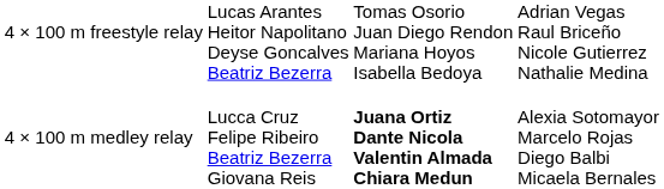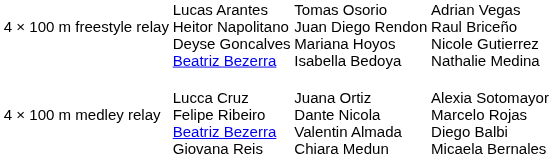 <table>
 <tr>
 <td>4 × 100 m freestyle relay</td>
 <td nowrap><br>Lucas Arantes<br>Heitor Napolitano<br>Deyse Goncalves<br><a href='#'>Beatriz Bezerra</a></td>
 <td nowrap><br>Tomas Osorio<br>Juan Diego Rendon<br>Mariana Hoyos<br>Isabella Bedoya</td>
 <td><br>Adrian Vegas<br>Raul Briceño<br>Nicole Gutierrez<br>Nathalie Medina</td>
 </tr>
 <tr>
 <td>4 × 100 m medley relay</td>
 <td><br>Lucca Cruz<br>Felipe Ribeiro<br><a href='#'>Beatriz Bezerra</a><br>Giovana Reis</td>
-<td><strong><br>Juana Ortiz<br>Dante Nicola<br>Valentin Almada<br>Chiara Medun</strong></td>
+<td><br>Juana Ortiz<br>Dante Nicola<br>Valentin Almada<br>Chiara Medun</td>
 <td nowrap><br>Alexia Sotomayor<br>Marcelo Rojas<br>Diego Balbi<br>Micaela Bernales</td>
 </tr>
 </table>
